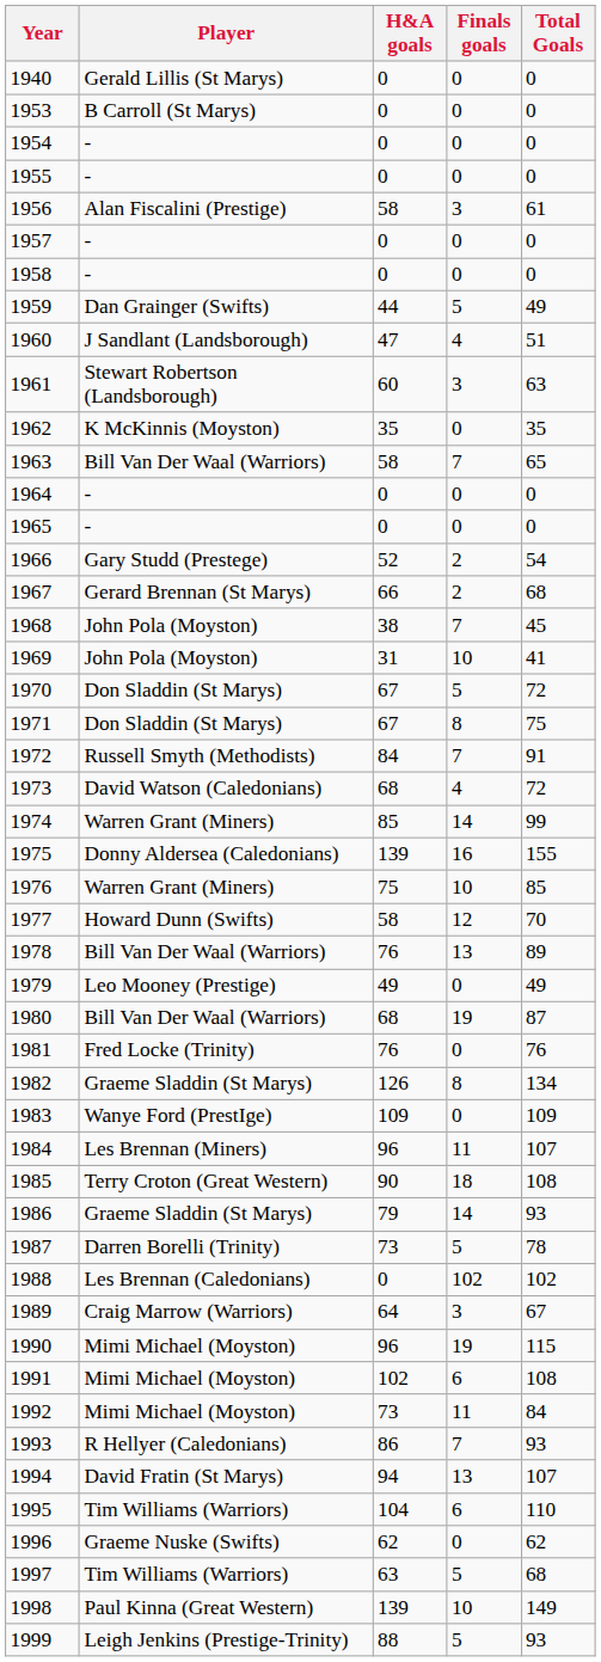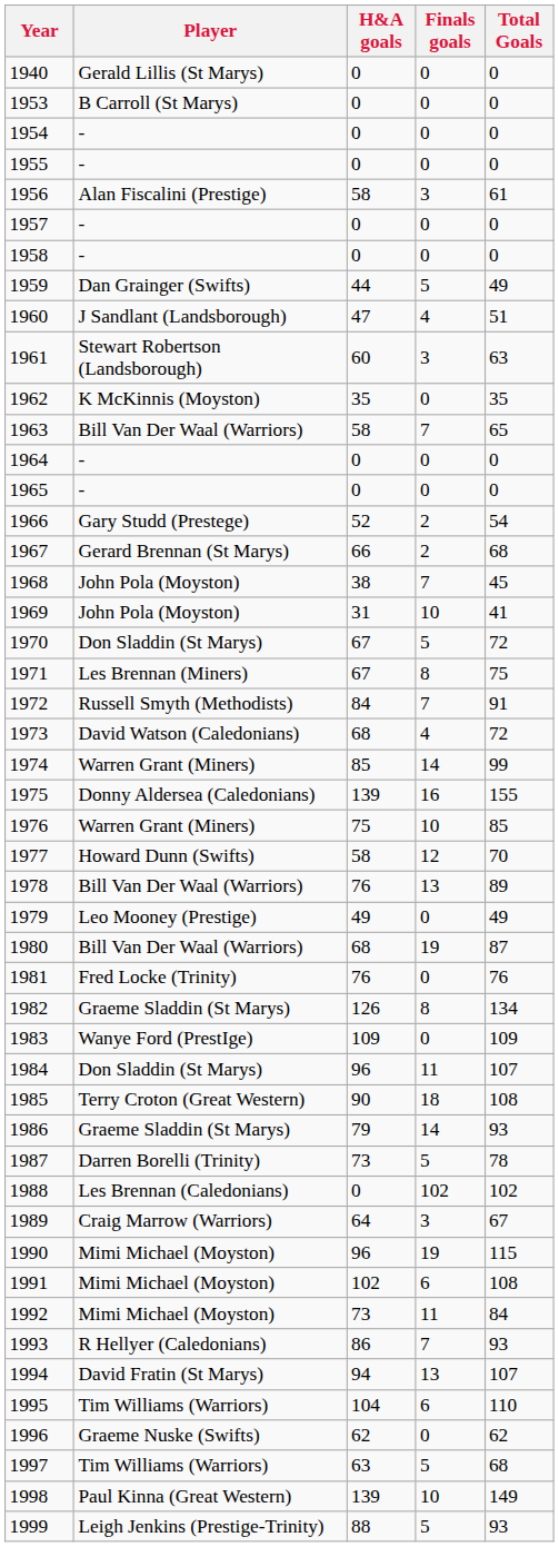 <table class="wikitable">
 <tr>
 <th style="color:crimson" width="50">Year</th>
 <th style="color:crimson" width="220">Player</th>
 <th style="color:crimson" width="50">H&A goals</th>
 <th style="color:crimson" width="50">Finals goals</th>
 <th style="color:crimson" width="50">Total Goals</th>
 </tr>
 <tr>
 <td>1940</td>
 <td>Gerald Lillis (St Marys)</td>
 <td>0</td>
 <td>0</td>
 <td>0</td>
 </tr>
 <tr>
 <td>1953</td>
 <td>B Carroll (St Marys)</td>
 <td>0</td>
 <td>0</td>
 <td>0</td>
 </tr>
 <tr>
 <td>1954</td>
 <td>-</td>
 <td>0</td>
 <td>0</td>
 <td>0</td>
 </tr>
 <tr>
 <td>1955</td>
 <td>-</td>
 <td>0</td>
 <td>0</td>
 <td>0</td>
 </tr>
 <tr>
 <td>1956</td>
 <td>Alan Fiscalini (Prestige)</td>
 <td>58</td>
 <td>3</td>
 <td>61</td>
 </tr>
 <tr>
 <td>1957</td>
 <td>-</td>
 <td>0</td>
 <td>0</td>
 <td>0</td>
 </tr>
 <tr>
 <td>1958</td>
 <td>-</td>
 <td>0</td>
 <td>0</td>
 <td>0</td>
 </tr>
 <tr>
 <td>1959</td>
 <td>Dan Grainger (Swifts)</td>
 <td>44</td>
 <td>5</td>
 <td>49</td>
 </tr>
 <tr>
 <td>1960</td>
 <td>J Sandlant (Landsborough)</td>
 <td>47</td>
 <td>4</td>
 <td>51</td>
 </tr>
 <tr>
 <td>1961</td>
 <td>Stewart Robertson (Landsborough)</td>
 <td>60</td>
 <td>3</td>
 <td>63</td>
 </tr>
 <tr>
 <td>1962</td>
 <td>K McKinnis (Moyston)</td>
 <td>35</td>
 <td>0</td>
 <td>35</td>
 </tr>
 <tr>
 <td>1963</td>
 <td>Bill Van Der Waal (Warriors)</td>
 <td>58</td>
 <td>7</td>
 <td>65</td>
 </tr>
 <tr>
 <td>1964</td>
 <td>-</td>
 <td>0</td>
 <td>0</td>
 <td>0</td>
 </tr>
 <tr>
 <td>1965</td>
 <td>-</td>
 <td>0</td>
 <td>0</td>
 <td>0</td>
 </tr>
 <tr>
 <td>1966</td>
 <td>Gary Studd (Prestege)</td>
 <td>52</td>
 <td>2</td>
 <td>54</td>
 </tr>
 <tr>
 <td>1967</td>
 <td>Gerard Brennan (St Marys)</td>
 <td>66</td>
 <td>2</td>
 <td>68</td>
 </tr>
 <tr>
 <td>1968</td>
 <td>John Pola (Moyston)</td>
 <td>38</td>
 <td>7</td>
 <td>45</td>
 </tr>
 <tr>
 <td>1969</td>
 <td>John Pola (Moyston)</td>
 <td>31</td>
 <td>10</td>
 <td>41</td>
 </tr>
 <tr>
 <td>1970</td>
 <td>Don Sladdin (St Marys)</td>
 <td>67</td>
 <td>5</td>
 <td>72</td>
 </tr>
 <tr>
 <td>1971</td>
-<td>Don Sladdin (St Marys)</td>
+<td>Les Brennan (Miners)</td>
 <td>67</td>
 <td>8</td>
 <td>75</td>
 </tr>
 <tr>
 <td>1972</td>
 <td>Russell Smyth (Methodists)</td>
 <td>84</td>
 <td>7</td>
 <td>91</td>
 </tr>
 <tr>
 <td>1973</td>
 <td>David Watson (Caledonians)</td>
 <td>68</td>
 <td>4</td>
 <td>72</td>
 </tr>
 <tr>
 <td>1974</td>
 <td>Warren Grant (Miners)</td>
 <td>85</td>
 <td>14</td>
 <td>99</td>
 </tr>
 <tr>
 <td>1975</td>
 <td>Donny Aldersea (Caledonians)</td>
 <td>139</td>
 <td>16</td>
 <td>155</td>
 </tr>
 <tr>
 <td>1976</td>
 <td>Warren Grant (Miners)</td>
 <td>75</td>
 <td>10</td>
 <td>85</td>
 </tr>
 <tr>
 <td>1977</td>
 <td>Howard Dunn (Swifts)</td>
 <td>58</td>
 <td>12</td>
 <td>70</td>
 </tr>
 <tr>
 <td>1978</td>
 <td>Bill Van Der Waal (Warriors)</td>
 <td>76</td>
 <td>13</td>
 <td>89</td>
 </tr>
 <tr>
 <td>1979</td>
 <td>Leo Mooney (Prestige)</td>
 <td>49</td>
 <td>0</td>
 <td>49</td>
 </tr>
 <tr>
 <td>1980</td>
 <td>Bill Van Der Waal (Warriors)</td>
 <td>68</td>
 <td>19</td>
 <td>87</td>
 </tr>
 <tr>
 <td>1981</td>
 <td>Fred Locke (Trinity)</td>
 <td>76</td>
 <td>0</td>
 <td>76</td>
 </tr>
 <tr>
 <td>1982</td>
 <td>Graeme Sladdin (St Marys)</td>
 <td>126</td>
 <td>8</td>
 <td>134</td>
 </tr>
 <tr>
 <td>1983</td>
 <td>Wanye Ford (PrestIge)</td>
 <td>109</td>
 <td>0</td>
 <td>109</td>
 </tr>
 <tr>
 <td>1984</td>
-<td>Les Brennan (Miners)</td>
+<td>Don Sladdin (St Marys)</td>
 <td>96</td>
 <td>11</td>
 <td>107</td>
 </tr>
 <tr>
 <td>1985</td>
 <td>Terry Croton (Great Western)</td>
 <td>90</td>
 <td>18</td>
 <td>108</td>
 </tr>
 <tr>
 <td>1986</td>
 <td>Graeme Sladdin (St Marys)</td>
 <td>79</td>
 <td>14</td>
 <td>93</td>
 </tr>
 <tr>
 <td>1987</td>
 <td>Darren Borelli (Trinity)</td>
 <td>73</td>
 <td>5</td>
 <td>78</td>
 </tr>
 <tr>
 <td>1988</td>
 <td>Les Brennan (Caledonians)</td>
 <td>0</td>
 <td>102</td>
 <td>102</td>
 </tr>
 <tr>
 <td>1989</td>
 <td>Craig Marrow (Warriors)</td>
 <td>64</td>
 <td>3</td>
 <td>67</td>
 </tr>
 <tr>
 <td>1990</td>
 <td>Mimi Michael (Moyston)</td>
 <td>96</td>
 <td>19</td>
 <td>115</td>
 </tr>
 <tr>
 <td>1991</td>
 <td>Mimi Michael (Moyston)</td>
 <td>102</td>
 <td>6</td>
 <td>108</td>
 </tr>
 <tr>
 <td>1992</td>
 <td>Mimi Michael (Moyston)</td>
 <td>73</td>
 <td>11</td>
 <td>84</td>
 </tr>
 <tr>
 <td>1993</td>
 <td>R Hellyer (Caledonians)</td>
 <td>86</td>
 <td>7</td>
 <td>93</td>
 </tr>
 <tr>
 <td>1994</td>
 <td>David Fratin (St Marys)</td>
 <td>94</td>
 <td>13</td>
 <td>107</td>
 </tr>
 <tr>
 <td>1995</td>
 <td>Tim Williams (Warriors)</td>
 <td>104</td>
 <td>6</td>
 <td>110</td>
 </tr>
 <tr>
 <td>1996</td>
 <td>Graeme Nuske (Swifts)</td>
 <td>62</td>
 <td>0</td>
 <td>62</td>
 </tr>
 <tr>
 <td>1997</td>
 <td>Tim Williams (Warriors)</td>
 <td>63</td>
 <td>5</td>
 <td>68</td>
 </tr>
 <tr>
 <td>1998</td>
 <td>Paul Kinna (Great Western)</td>
 <td>139</td>
 <td>10</td>
 <td>149</td>
 </tr>
 <tr>
 <td>1999</td>
 <td>Leigh Jenkins (Prestige-Trinity)</td>
 <td>88</td>
 <td>5</td>
 <td>93</td>
 </tr>
 </table>
